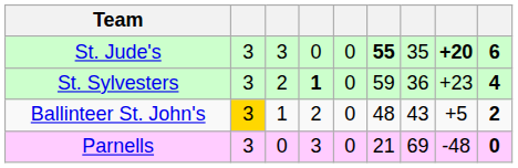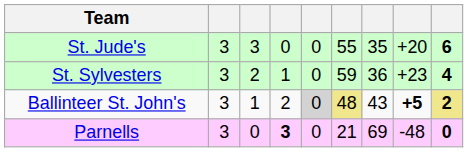 <table class="wikitable" style="text-align:center">
 <tr>
 <th style="width:175px;">Team</th>
 <th width="20"></th>
 <th width="20"></th>
 <th width="20"></th>
 <th width="20"></th>
 <th width="20"></th>
 <th width="20"></th>
 <th width="20"></th>
 <th width="20"></th>
 </tr>
 <tr style="background:#cfc;">
 <td><a href='#'>St. Jude's</a></td>
 <td>3</td>
 <td>3</td>
 <td>0</td>
 <td>0</td>
-<td><strong>55</strong></td>
+<td>55</td>
 <td>35</td>
-<td><strong>+20</strong></td>
+<td>+20</td>
 <td><strong>6</strong></td>
 </tr>
 <tr style="background:#cfc;">
 <td><a href='#'>St. Sylvesters</a></td>
 <td>3</td>
 <td>2</td>
-<td><strong>1</strong></td>
+<td>1</td>
 <td>0</td>
 <td>59</td>
 <td>36</td>
 <td>+23</td>
 <td><strong>4</strong></td>
 </tr>
 <tr>
 <td><a href='#'>Ballinteer St. John's</a></td>
-<td style="background: gold;">3</td>
+<td>3</td>
 <td>1</td>
 <td>2</td>
-<td>0</td>
-<td>48</td>
+<td style="background: lightgrey;">0</td>
+<td style="background: khaki;">48</td>
 <td>43</td>
-<td>+5</td>
-<td><strong>2</strong></td>
+<td><strong>+5</strong></td>
+<td style="background: khaki;"><strong>2</strong></td>
 </tr>
 <tr style="background:#fcf;">
 <td><a href='#'>Parnells</a></td>
 <td>3</td>
 <td>0</td>
-<td>3</td>
+<td><strong>3</strong></td>
 <td>0</td>
 <td>21</td>
 <td>69</td>
 <td>-48</td>
 <td><strong>0</strong></td>
 </tr>
 </table>
